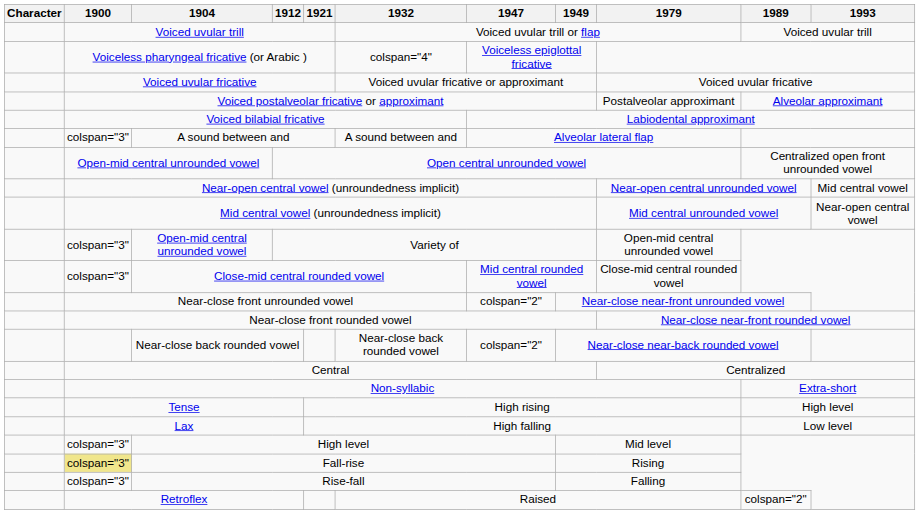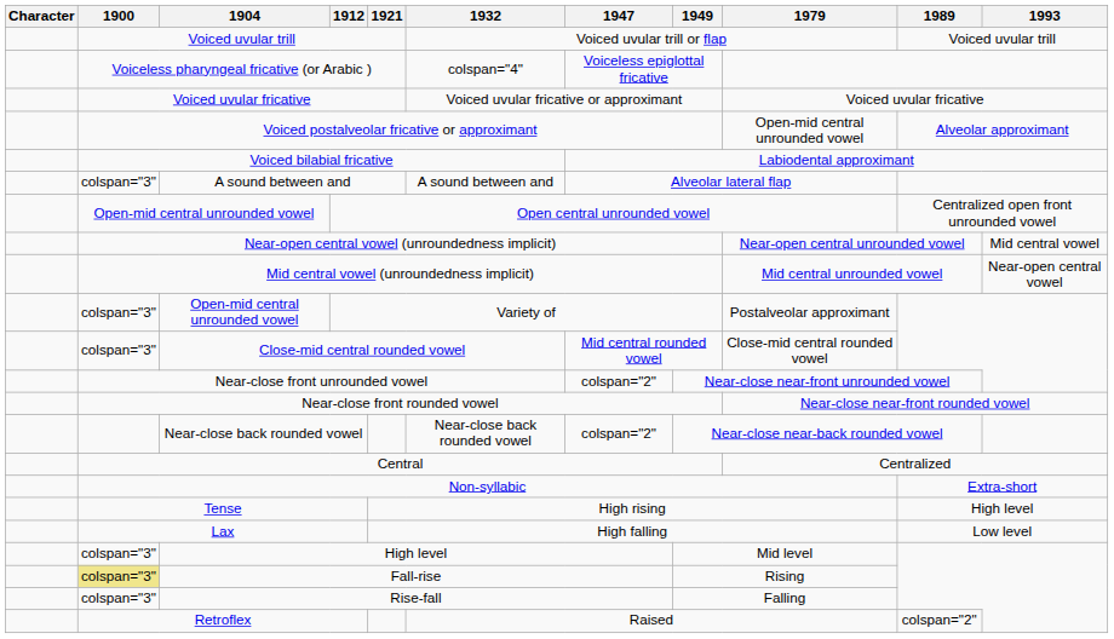 <table class="wikitable" style="text-align: center;">
 <tr>
 <th>Character</th>
 <th>1900</th>
 <th>1904</th>
 <th>1912</th>
 <th>1921</th>
 <th>1932</th>
 <th>1947</th>
 <th>1949</th>
 <th>1979</th>
 <th>1989</th>
 <th>1993</th>
 </tr>
 <tr>
 <td></td>
 <td colspan="4"><a href='#'>Voiced uvular trill</a></td>
 <td colspan="4">Voiced uvular trill or <a href='#'>flap</a></td>
 <td colspan="2">Voiced uvular trill</td>
 </tr>
 <tr>
 <td></td>
 <td colspan="4"><a href='#'>Voiceless pharyngeal fricative</a> (or Arabic )</td>
 <td>colspan="4" </td>
 <td colspan="2"><a href='#'>Voiceless epiglottal fricative</a></td>
 </tr>
 <tr>
 <td></td>
 <td colspan="4"><a href='#'>Voiced uvular fricative</a></td>
 <td colspan="3">Voiced uvular fricative or approximant</td>
 <td colspan="3">Voiced uvular fricative</td>
 </tr>
 <tr>
 <td></td>
 <td colspan="7"><a href='#'>Voiced postalveolar fricative</a> or <a href='#'>approximant</a></td>
-<td>Postalveolar approximant</td>
+<td>Open-mid central unrounded vowel</td>
 <td colspan="2"><a href='#'>Alveolar approximant</a></td>
 </tr>
 <tr>
 <td></td>
 <td colspan="5"><a href='#'>Voiced bilabial fricative</a></td>
 <td colspan="5"><a href='#'>Labiodental approximant</a></td>
 </tr>
 <tr>
 <td></td>
 <td>colspan="3" </td>
 <td colspan="3">A sound between  and </td>
 <td>A sound between  and </td>
 <td colspan="3"><a href='#'>Alveolar lateral flap</a></td>
 </tr>
 <tr>
 <td></td>
 <td colspan="2"><a href='#'>Open-mid central unrounded vowel</a></td>
 <td colspan="6"><a href='#'>Open central unrounded vowel</a></td>
 <td colspan="3">Centralized open front unrounded vowel</td>
 </tr>
 <tr>
 <td></td>
 <td colspan="7"><a href='#'>Near-open central vowel</a> (unroundedness implicit)</td>
 <td colspan="2"><a href='#'>Near-open central unrounded vowel</a></td>
 <td>Mid central vowel</td>
 </tr>
 <tr>
 <td></td>
 <td colspan="7"><a href='#'>Mid central vowel</a> (unroundedness implicit)</td>
 <td colspan="2"><a href='#'>Mid central unrounded vowel</a></td>
 <td>Near-open central vowel</td>
 </tr>
 <tr>
 <td></td>
 <td>colspan="3" </td>
 <td><a href='#'>Open-mid central unrounded vowel</a></td>
 <td colspan="5">Variety of </td>
-<td>Open-mid central unrounded vowel</td>
+<td>Postalveolar approximant</td>
 </tr>
 <tr>
 <td></td>
 <td>colspan="3" </td>
 <td colspan="4"><a href='#'>Close-mid central rounded vowel</a></td>
 <td colspan="2"><a href='#'>Mid central rounded vowel</a></td>
 <td>Close-mid central rounded vowel</td>
 </tr>
 <tr>
 <td></td>
 <td colspan="5">Near-close front unrounded vowel</td>
 <td>colspan="2" </td>
 <td colspan="3"><a href='#'>Near-close near-front unrounded vowel</a></td>
 </tr>
 <tr>
 <td></td>
 <td colspan="7">Near-close front rounded vowel</td>
 <td colspan="3"><a href='#'>Near-close near-front rounded vowel</a></td>
 </tr>
 <tr>
 <td></td>
 <td></td>
 <td colspan="2">Near-close back rounded vowel</td>
 <td></td>
 <td>Near-close back rounded vowel</td>
 <td>colspan="2" </td>
 <td colspan="3"><a href='#'>Near-close near-back rounded vowel</a></td>
 </tr>
 <tr>
 <td></td>
 <td colspan="7">Central</td>
 <td colspan="3">Centralized</td>
 </tr>
 <tr>
 <td></td>
 <td colspan="8"><a href='#'>Non-syllabic</a></td>
 <td colspan="2"><a href='#'>Extra-short</a></td>
 </tr>
 <tr>
 <td></td>
 <td colspan="3"><a href='#'>Tense</a></td>
 <td colspan="5">High rising</td>
 <td colspan="2">High level</td>
 </tr>
 <tr>
 <td></td>
 <td colspan="3"><a href='#'>Lax</a></td>
 <td colspan="5">High falling</td>
 <td colspan="2">Low level</td>
 </tr>
 <tr>
 <td></td>
 <td>colspan="3" </td>
 <td colspan="5">High level</td>
 <td colspan="2">Mid level</td>
 </tr>
 <tr>
 <td></td>
 <td style="background: khaki;">colspan="3" </td>
 <td colspan="5">Fall-rise</td>
 <td colspan="2">Rising</td>
 </tr>
 <tr>
 <td></td>
 <td>colspan="3" </td>
 <td colspan="5">Rise-fall</td>
 <td colspan="2">Falling</td>
 </tr>
 <tr>
 <td></td>
 <td colspan="3"><a href='#'>Retroflex</a></td>
 <td></td>
 <td colspan="4">Raised</td>
 <td>colspan="2" </td>
 </tr>
 </table>
